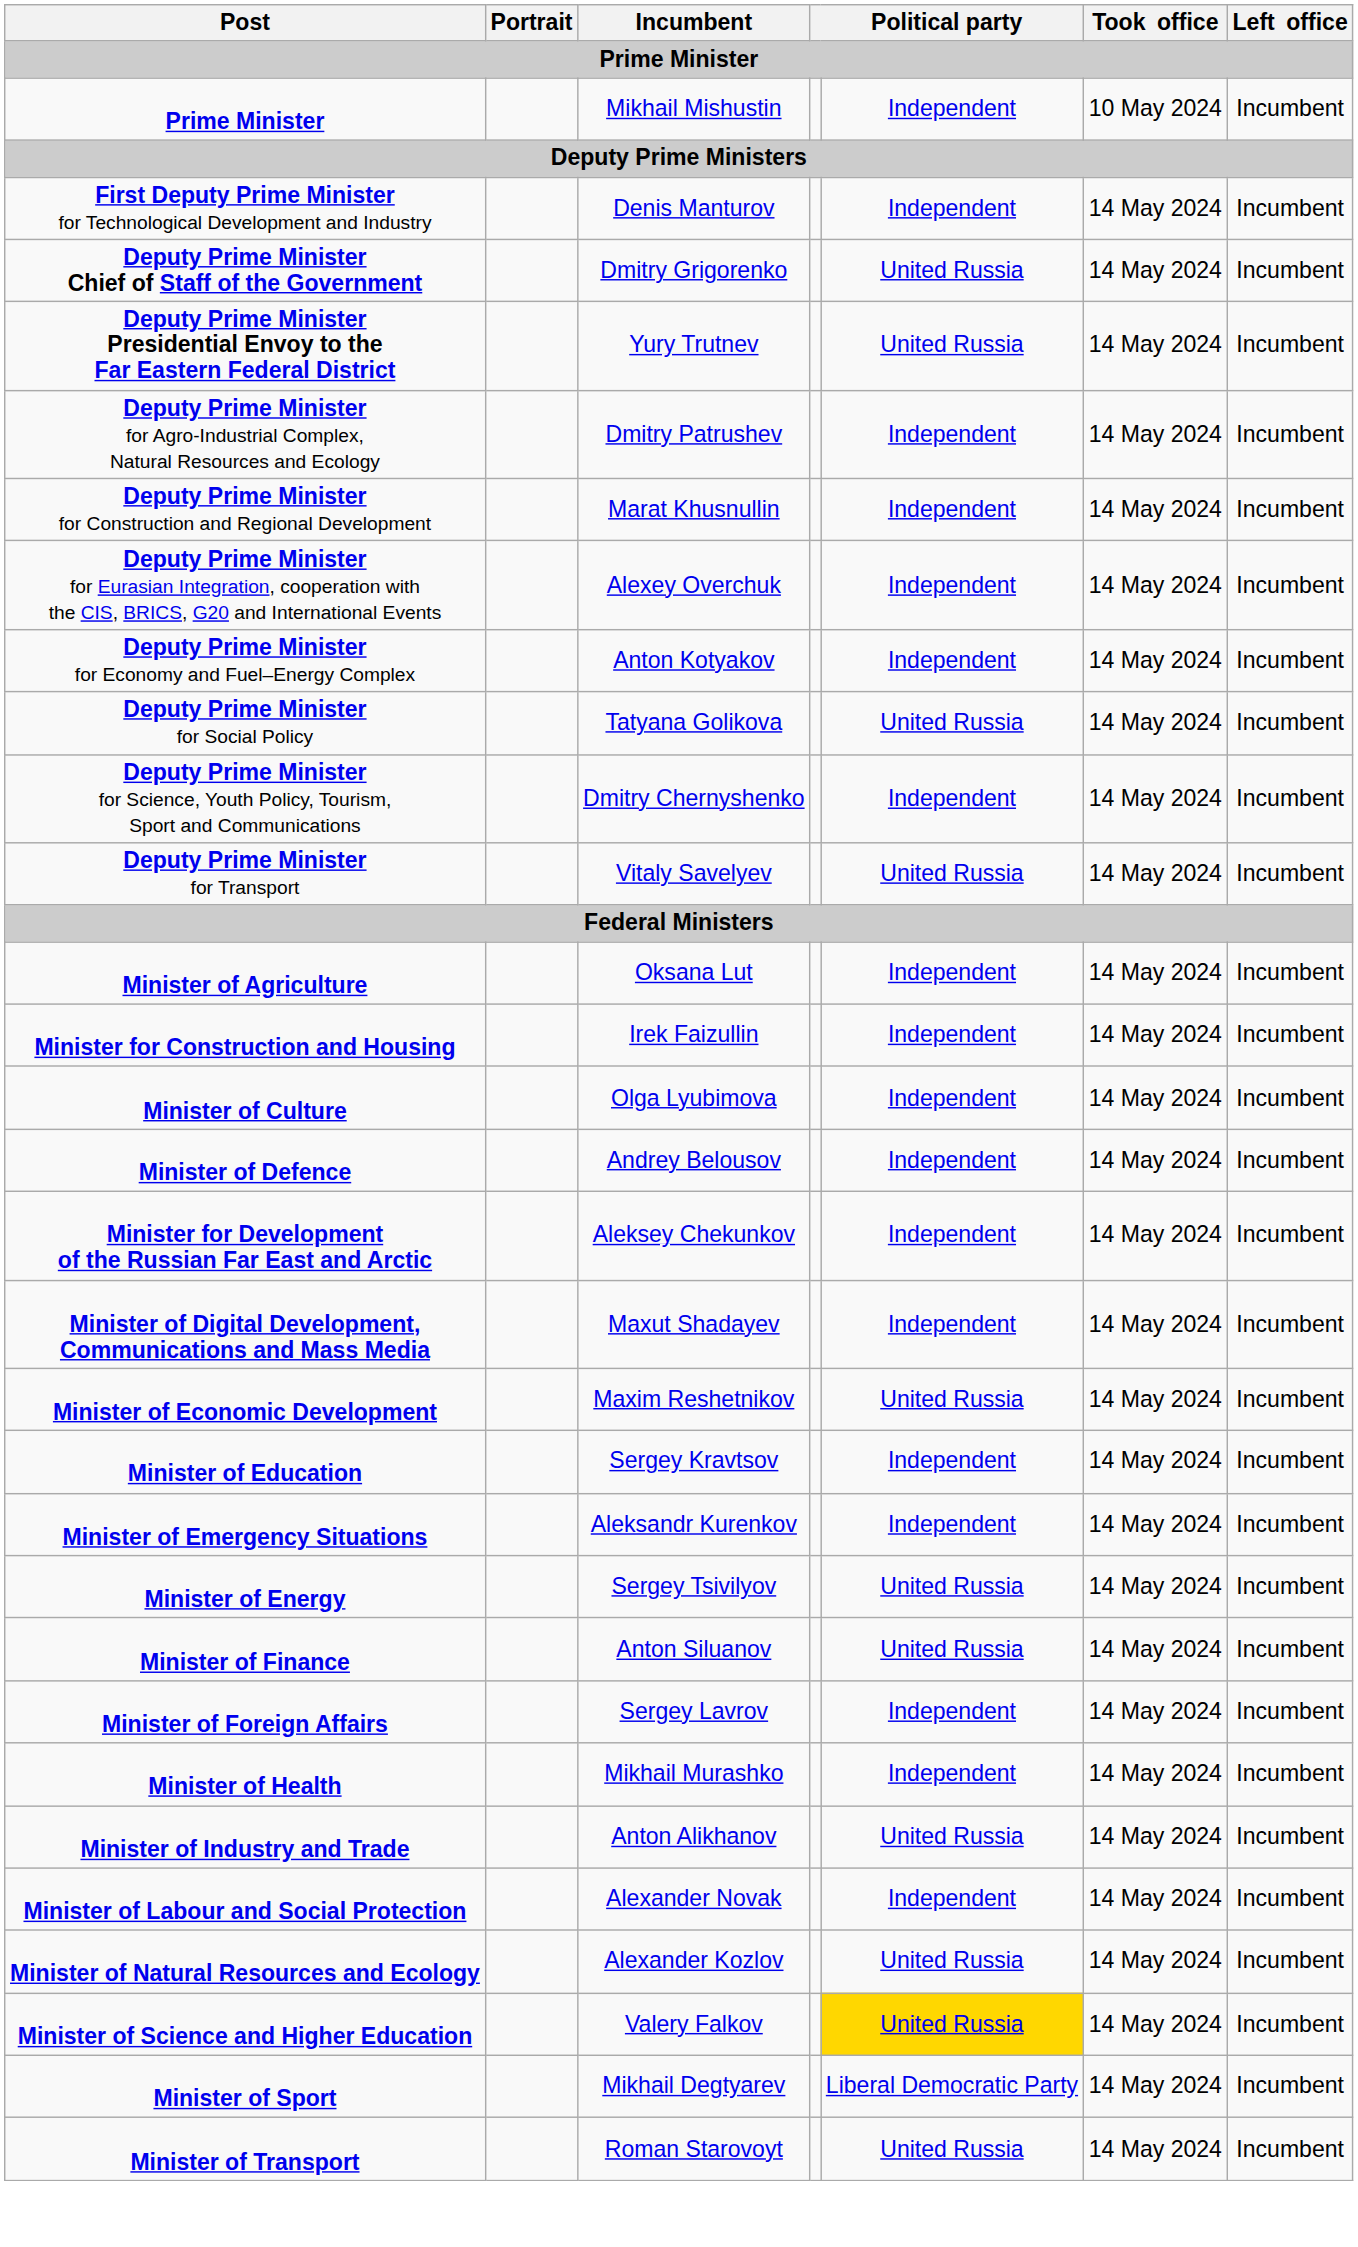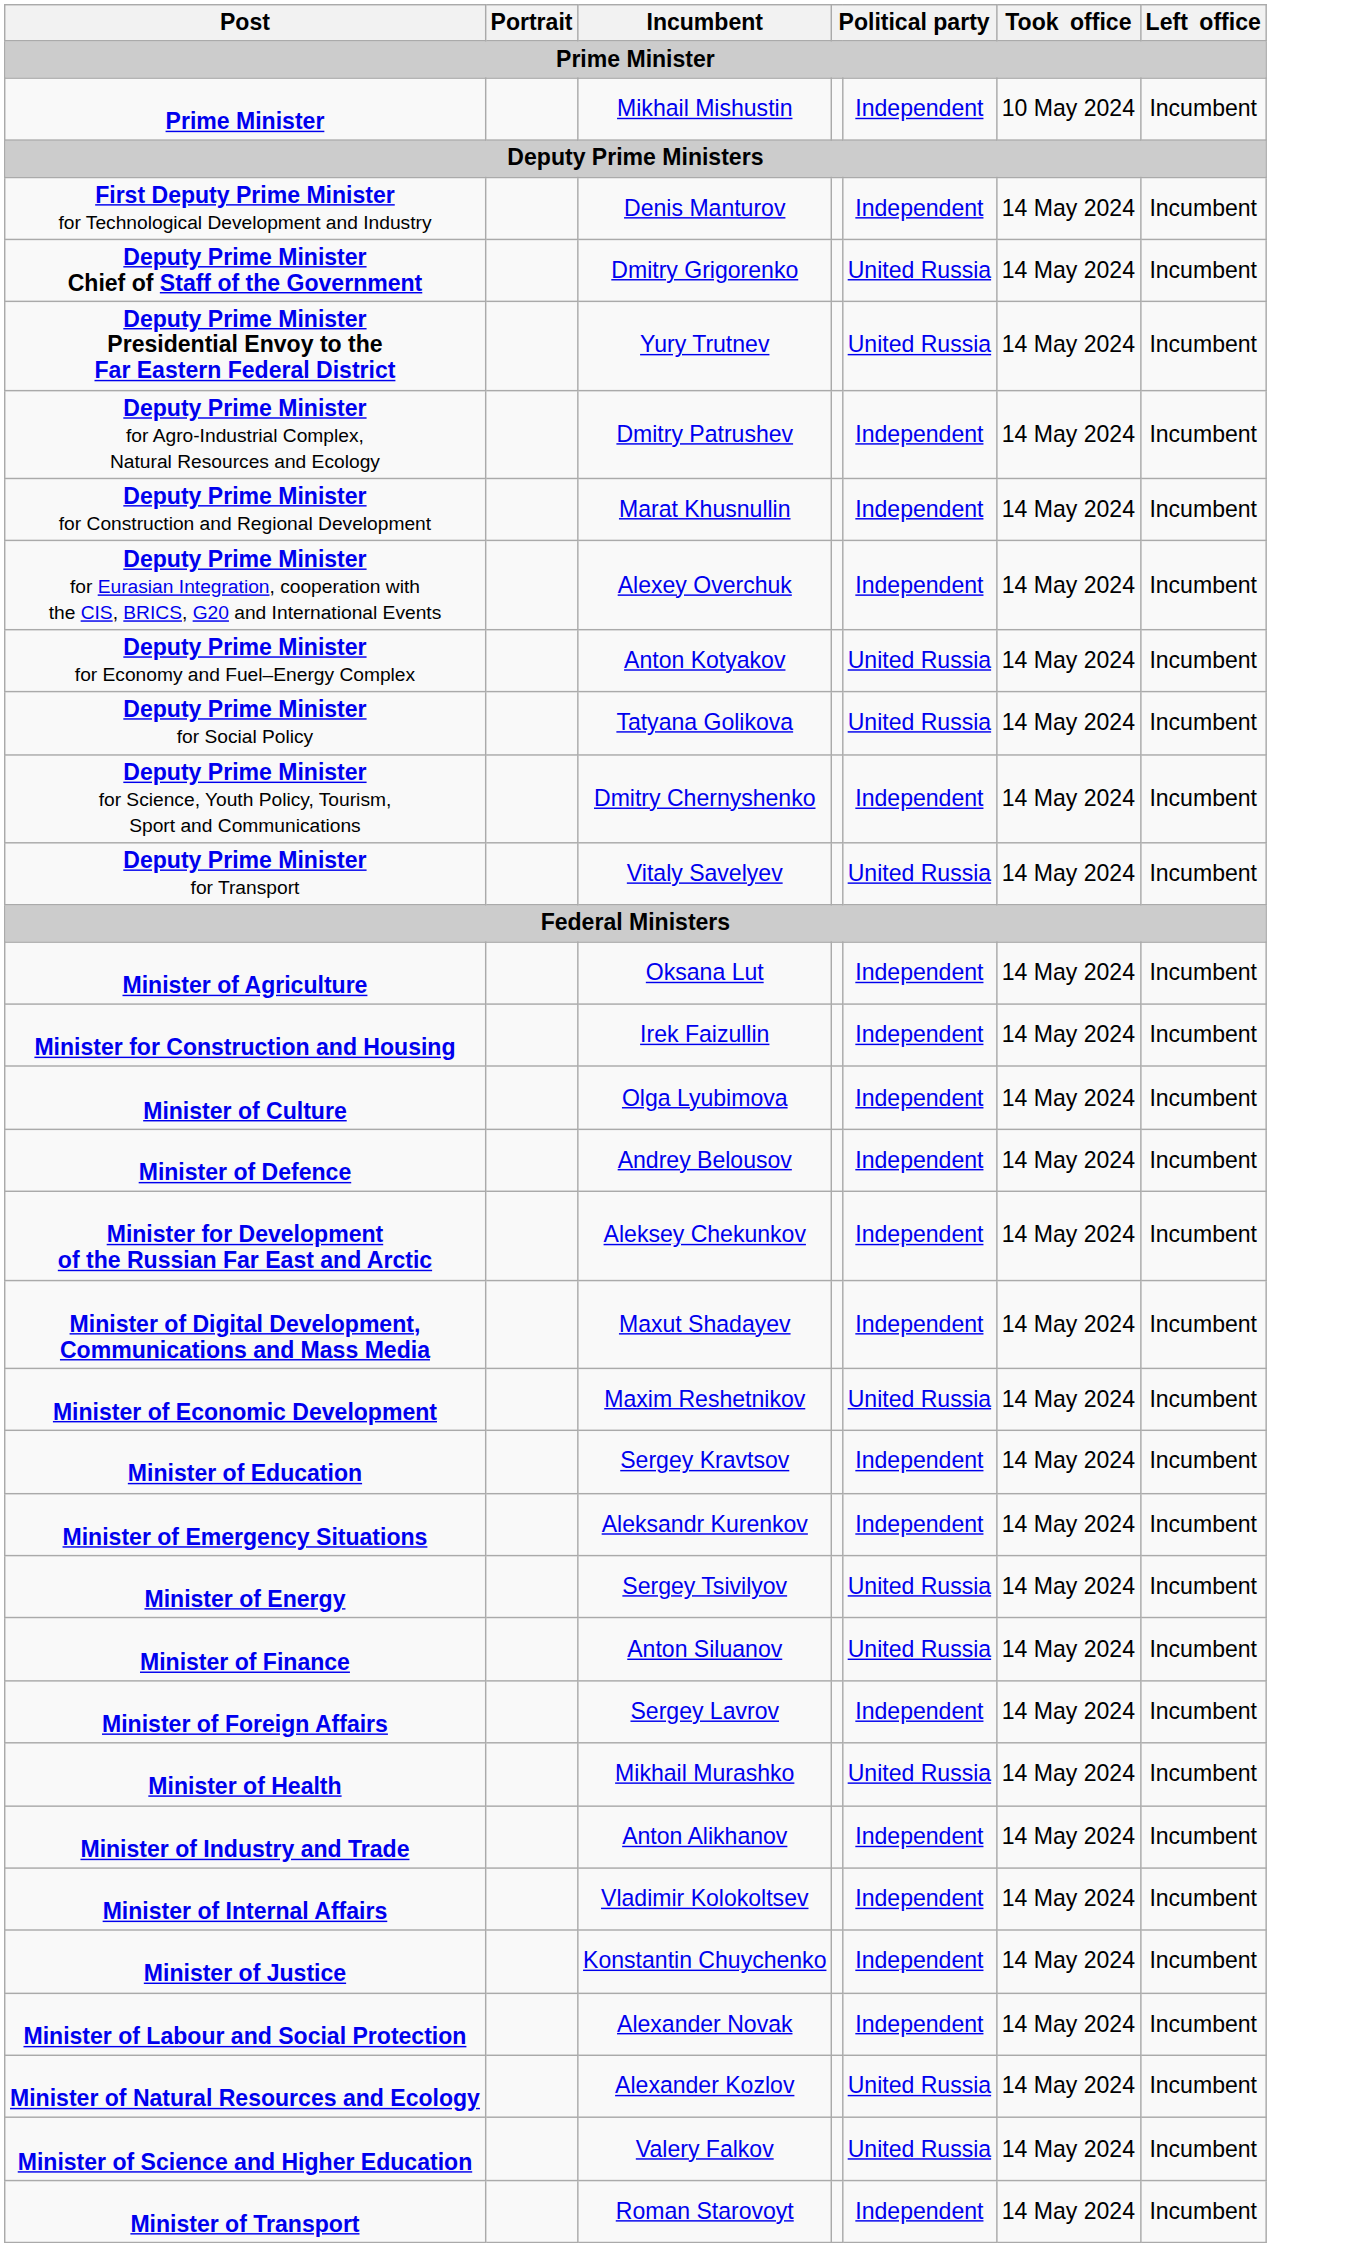 <table class="wikitable" style="text-align:center">
 <tr>
 <th>Post</th>
 <th>Portrait</th>
 <th>Incumbent</th>
 <th colspan="2">Political party</th>
 <th>Took office</th>
 <th>Left office</th>
 </tr>
 <tr>
 <th colspan="7" style="background:#ccc;">Prime Minister</th>
 </tr>
 <tr>
 <td><br><strong><a href='#'>Prime Minister</a></strong></td>
 <td></td>
 <td><a href='#'>Mikhail Mishustin</a></td>
 <td style="background:"></td>
 <td><a href='#'>Independent</a></td>
 <td>10 May 2024</td>
 <td>Incumbent</td>
 </tr>
 <tr>
 <th colspan="7" style="background:#ccc;">Deputy Prime Ministers</th>
 </tr>
 <tr>
 <td><strong><a href='#'>First Deputy Prime Minister</a></strong><br><small>for Technological Development and Industry</small></td>
 <td></td>
 <td><a href='#'>Denis Manturov</a></td>
 <td style="background:"></td>
 <td><a href='#'>Independent</a></td>
 <td>14 May 2024</td>
 <td>Incumbent</td>
 </tr>
 <tr>
 <td><strong><a href='#'>Deputy Prime Minister</a></strong><br><strong>Chief of <a href='#'>Staff of the Government</a></strong></td>
 <td></td>
 <td><a href='#'>Dmitry Grigorenko</a></td>
 <td style="background:"></td>
 <td><a href='#'>United Russia</a></td>
 <td>14 May 2024</td>
 <td>Incumbent</td>
 </tr>
 <tr>
 <td><strong><a href='#'>Deputy Prime Minister</a></strong><br><strong>Presidential Envoy to the<br><a href='#'>Far Eastern Federal District</a></strong></td>
 <td></td>
 <td><a href='#'>Yury Trutnev</a></td>
 <td style="background:"></td>
 <td><a href='#'>United Russia</a></td>
 <td>14 May 2024</td>
 <td>Incumbent</td>
 </tr>
 <tr>
 <td><strong><a href='#'>Deputy Prime Minister</a></strong><br><small>for Agro-Industrial Complex,<br>Natural Resources and Ecology</small></td>
 <td></td>
 <td><a href='#'>Dmitry Patrushev</a></td>
 <td style="background:"></td>
 <td><a href='#'>Independent</a></td>
 <td>14 May 2024</td>
 <td>Incumbent</td>
 </tr>
 <tr>
 <td><strong><a href='#'>Deputy Prime Minister</a></strong><br><small>for Construction and Regional Development</small></td>
 <td></td>
 <td><a href='#'>Marat Khusnullin</a></td>
 <td style="background:"></td>
 <td><a href='#'>Independent</a></td>
 <td>14 May 2024</td>
 <td>Incumbent</td>
 </tr>
 <tr>
 <td><strong><a href='#'>Deputy Prime Minister</a></strong><br><small>for <a href='#'>Eurasian Integration</a>, cooperation with<br>the <a href='#'>CIS</a>, <a href='#'>BRICS</a>, <a href='#'>G20</a> and International Events</small></td>
 <td></td>
 <td><a href='#'>Alexey Overchuk</a></td>
 <td style="background:"></td>
 <td><a href='#'>Independent</a></td>
 <td>14 May 2024</td>
 <td>Incumbent</td>
 </tr>
 <tr>
 <td><strong><a href='#'>Deputy Prime Minister</a></strong><br><small>for Economy and Fuel–Energy Complex</small></td>
 <td></td>
 <td><a href='#'>Anton Kotyakov</a></td>
 <td style="background:"></td>
-<td><a href='#'>Independent</a></td>
+<td><a href='#'>United Russia</a></td>
 <td>14 May 2024</td>
 <td>Incumbent</td>
 </tr>
 <tr>
 <td><strong><a href='#'>Deputy Prime Minister</a></strong><br><small>for Social Policy</small></td>
 <td></td>
 <td><a href='#'>Tatyana Golikova</a></td>
 <td style="background:"></td>
 <td><a href='#'>United Russia</a></td>
 <td>14 May 2024</td>
 <td>Incumbent</td>
 </tr>
 <tr>
 <td><strong><a href='#'>Deputy Prime Minister</a></strong><br><small>for Science, Youth Policy, Tourism,<br>Sport and Communications</small></td>
 <td></td>
 <td><a href='#'>Dmitry Chernyshenko</a></td>
 <td style="background:"></td>
 <td><a href='#'>Independent</a></td>
 <td>14 May 2024</td>
 <td>Incumbent</td>
 </tr>
 <tr>
 <td><strong><a href='#'>Deputy Prime Minister</a></strong><br><small>for Transport</small></td>
 <td></td>
 <td><a href='#'>Vitaly Savelyev</a></td>
 <td style="background:"></td>
 <td><a href='#'>United Russia</a></td>
 <td>14 May 2024</td>
 <td>Incumbent</td>
 </tr>
 <tr>
 <th colspan="7" style="background:#ccc;">Federal Ministers</th>
 </tr>
 <tr>
 <td><br><strong><a href='#'>Minister of Agriculture</a></strong></td>
 <td></td>
 <td><a href='#'>Oksana Lut</a></td>
 <td style="background:"></td>
 <td><a href='#'>Independent</a></td>
 <td>14 May 2024</td>
 <td>Incumbent</td>
 </tr>
 <tr>
 <td><br><strong><a href='#'>Minister for Construction and Housing</a></strong></td>
 <td></td>
 <td><a href='#'>Irek Faizullin</a></td>
 <td style="background:"></td>
 <td><a href='#'>Independent</a></td>
 <td>14 May 2024</td>
 <td>Incumbent</td>
 </tr>
 <tr>
 <td><br><strong><a href='#'>Minister of Culture</a></strong></td>
 <td></td>
 <td><a href='#'>Olga Lyubimova</a></td>
 <td style="background:"></td>
 <td><a href='#'>Independent</a></td>
 <td>14 May 2024</td>
 <td>Incumbent</td>
 </tr>
 <tr>
 <td><br><strong><a href='#'>Minister of Defence</a></strong></td>
 <td></td>
 <td><a href='#'>Andrey Belousov</a></td>
 <td style="background:"></td>
 <td><a href='#'>Independent</a></td>
 <td>14 May 2024</td>
 <td>Incumbent</td>
 </tr>
 <tr>
 <td><br><strong><a href='#'>Minister for Development<br>of the Russian Far East and Arctic</a></strong></td>
 <td></td>
 <td><a href='#'>Aleksey Chekunkov</a></td>
 <td style="background:"></td>
 <td><a href='#'>Independent</a></td>
 <td>14 May 2024</td>
 <td>Incumbent</td>
 </tr>
 <tr>
 <td><br><strong><a href='#'>Minister of Digital Development,<br>Communications and Mass Media</a></strong></td>
 <td></td>
 <td><a href='#'>Maxut Shadayev</a></td>
 <td style="background:"></td>
 <td><a href='#'>Independent</a></td>
 <td>14 May 2024</td>
 <td>Incumbent</td>
 </tr>
 <tr>
 <td><br><strong><a href='#'>Minister of Economic Development</a></strong></td>
 <td></td>
 <td><a href='#'>Maxim Reshetnikov</a></td>
 <td style="background:"></td>
 <td><a href='#'>United Russia</a></td>
 <td>14 May 2024</td>
 <td>Incumbent</td>
 </tr>
 <tr>
 <td><br><strong><a href='#'>Minister of Education</a></strong></td>
 <td></td>
 <td><a href='#'>Sergey Kravtsov</a></td>
 <td style="background:"></td>
 <td><a href='#'>Independent</a></td>
 <td>14 May 2024</td>
 <td>Incumbent</td>
 </tr>
 <tr>
 <td><br><strong><a href='#'>Minister of Emergency Situations</a></strong></td>
 <td></td>
 <td><a href='#'>Aleksandr Kurenkov</a></td>
 <td style="background:"></td>
 <td><a href='#'>Independent</a></td>
 <td>14 May 2024</td>
 <td>Incumbent</td>
 </tr>
 <tr>
 <td><br><strong><a href='#'>Minister of Energy</a></strong></td>
 <td></td>
 <td><a href='#'>Sergey Tsivilyov</a></td>
 <td style="background:"></td>
 <td><a href='#'>United Russia</a></td>
 <td>14 May 2024</td>
 <td>Incumbent</td>
 </tr>
 <tr>
 <td><br><strong><a href='#'>Minister of Finance</a></strong></td>
 <td></td>
 <td><a href='#'>Anton Siluanov</a></td>
 <td style="background:"></td>
 <td><a href='#'>United Russia</a></td>
 <td>14 May 2024</td>
 <td>Incumbent</td>
 </tr>
 <tr>
 <td><br><strong><a href='#'>Minister of Foreign Affairs</a></strong></td>
 <td></td>
 <td><a href='#'>Sergey Lavrov</a></td>
 <td style="background:"></td>
 <td><a href='#'>Independent</a></td>
 <td>14 May 2024</td>
 <td>Incumbent</td>
 </tr>
 <tr>
 <td><br><strong><a href='#'>Minister of Health</a></strong></td>
 <td></td>
 <td><a href='#'>Mikhail Murashko</a></td>
 <td style="background:"></td>
-<td><a href='#'>Independent</a></td>
+<td><a href='#'>United Russia</a></td>
 <td>14 May 2024</td>
 <td>Incumbent</td>
 </tr>
 <tr>
 <td><br><strong><a href='#'>Minister of Industry and Trade</a></strong></td>
 <td></td>
 <td><a href='#'>Anton Alikhanov</a></td>
 <td style="background:"></td>
-<td><a href='#'>United Russia</a></td>
+<td><a href='#'>Independent</a></td>
+<td>14 May 2024</td>
+<td>Incumbent</td>
+</tr>
+<tr>
+<td><br><strong><a href='#'>Minister of Internal Affairs</a></strong></td>
+<td></td>
+<td><a href='#'>Vladimir Kolokoltsev</a></td>
+<td style="background:"></td>
+<td><a href='#'>Independent</a></td>
+<td>14 May 2024</td>
+<td>Incumbent</td>
+</tr>
+<tr>
+<td><br><strong><a href='#'>Minister of Justice</a></strong></td>
+<td></td>
+<td><a href='#'>Konstantin Chuychenko</a></td>
+<td style="background:"></td>
+<td><a href='#'>Independent</a></td>
 <td>14 May 2024</td>
 <td>Incumbent</td>
 </tr>
 <tr>
 <td><br><strong><a href='#'>Minister of Labour and Social Protection</a></strong></td>
 <td></td>
 <td><a href='#'>Alexander Novak</a></td>
 <td style="background:"></td>
 <td><a href='#'>Independent</a></td>
 <td>14 May 2024</td>
 <td>Incumbent</td>
 </tr>
 <tr>
 <td><br><strong><a href='#'>Minister of Natural Resources and Ecology</a></strong></td>
 <td></td>
 <td><a href='#'>Alexander Kozlov</a></td>
 <td style="background:"></td>
 <td><a href='#'>United Russia</a></td>
 <td>14 May 2024</td>
 <td>Incumbent</td>
 </tr>
 <tr>
 <td><br><strong><a href='#'>Minister of Science and Higher Education</a></strong></td>
 <td></td>
 <td><a href='#'>Valery Falkov</a></td>
 <td style="background:"></td>
-<td style="background: gold;"><a href='#'>United Russia</a></td>
-<td>14 May 2024</td>
-<td>Incumbent</td>
-</tr>
-<tr>
-<td><br><strong><a href='#'>Minister of Sport</a></strong></td>
-<td></td>
-<td><a href='#'>Mikhail Degtyarev</a></td>
-<td style="background:"></td>
-<td><a href='#'>Liberal Democratic Party</a></td>
+<td><a href='#'>United Russia</a></td>
 <td>14 May 2024</td>
 <td>Incumbent</td>
 </tr>
 <tr>
 <td><br><strong><a href='#'>Minister of Transport</a></strong></td>
 <td></td>
 <td><a href='#'>Roman Starovoyt</a></td>
 <td style="background:"></td>
-<td><a href='#'>United Russia</a></td>
+<td><a href='#'>Independent</a></td>
 <td>14 May 2024</td>
 <td>Incumbent</td>
 </tr>
 </table>
